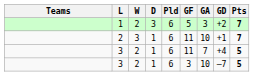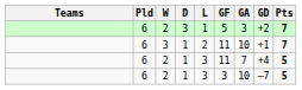 <table class="wikitable" style="text-align: center;">
 <tr>
 <th width=165>Teams</th>
-<th width=20>L</th>
+<th width=20>Pld</th>
 <th width=20>W</th>
 <th width=20>D</th>
-<th width=20>Pld</th>
+<th width=20>L</th>
 <th width=20>GF</th>
 <th width=20>GA</th>
 <th width=20>GD</th>
 <th width=20>Pts</th>
 </tr>
 <tr align=center style="background:#ccffcc;">
 <td style="text-align:left;"></td>
-<td>1</td>
+<td>6</td>
 <td>2</td>
 <td>3</td>
-<td>6</td>
+<td>1</td>
 <td>5</td>
 <td>3</td>
 <td>+2</td>
 <td><strong>7</strong></td>
 </tr>
 <tr align=center>
 <td style="text-align:left;"></td>
-<td>2</td>
+<td>6</td>
 <td>3</td>
 <td>1</td>
-<td>6</td>
+<td>2</td>
 <td>11</td>
 <td>10</td>
 <td>+1</td>
 <td><strong>7</strong></td>
 </tr>
 <tr align=center>
 <td style="text-align:left;"></td>
-<td>3</td>
+<td>6</td>
 <td>2</td>
 <td>1</td>
-<td>6</td>
+<td>3</td>
 <td>11</td>
 <td>7</td>
 <td>+4</td>
 <td><strong>5</strong></td>
 </tr>
 <tr align=center>
 <td style="text-align:left;"></td>
-<td>3</td>
+<td>6</td>
 <td>2</td>
 <td>1</td>
-<td>6</td>
+<td>3</td>
 <td>3</td>
 <td>10</td>
 <td>–7</td>
 <td><strong>5</strong></td>
 </tr>
 </table>
